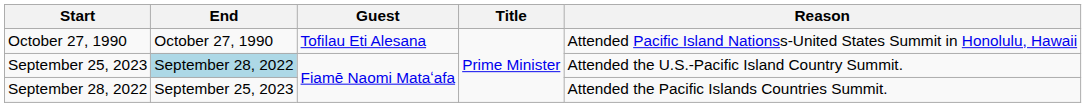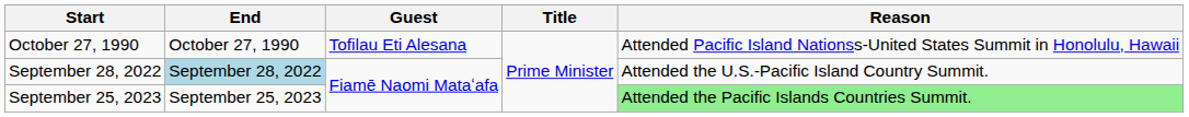 <table class="wikitable sortable">
 <tr>
 <th>Start</th>
 <th>End</th>
 <th>Guest</th>
 <th>Title</th>
 <th>Reason</th>
 </tr>
 <tr>
 <td>October 27, 1990</td>
 <td>October 27, 1990</td>
 <td><a href='#'>Tofilau Eti Alesana</a></td>
 <td rowspan=3><a href='#'>Prime Minister</a></td>
 <td>Attended <a href='#'>Pacific Island Nations</a>s-United States Summit in <a href='#'>Honolulu, Hawaii</a></td>
 </tr>
 <tr>
-<td>September 25, 2023</td>
+<td>September 28, 2022</td>
 <td style="background: lightblue;">September 28, 2022</td>
 <td rowspan=2><a href='#'>Fiamē Naomi Mataʻafa</a></td>
 <td>Attended the U.S.-Pacific Island Country Summit.</td>
 </tr>
 <tr>
-<td>September 28, 2022</td>
 <td>September 25, 2023</td>
-<td>Attended the Pacific Islands Countries Summit.</td>
+<td>September 25, 2023</td>
+<td style="background: lightgreen;">Attended the Pacific Islands Countries Summit.</td>
 </tr>
 </table>
